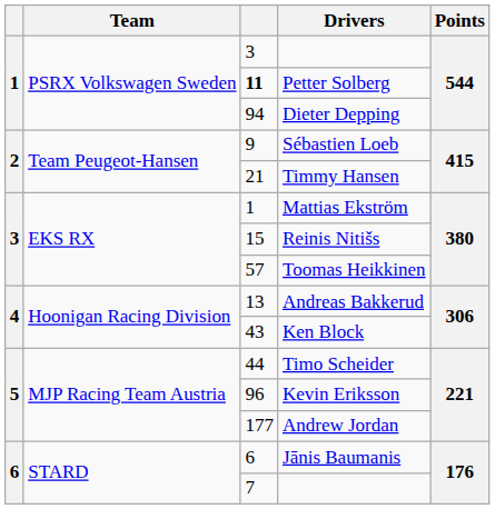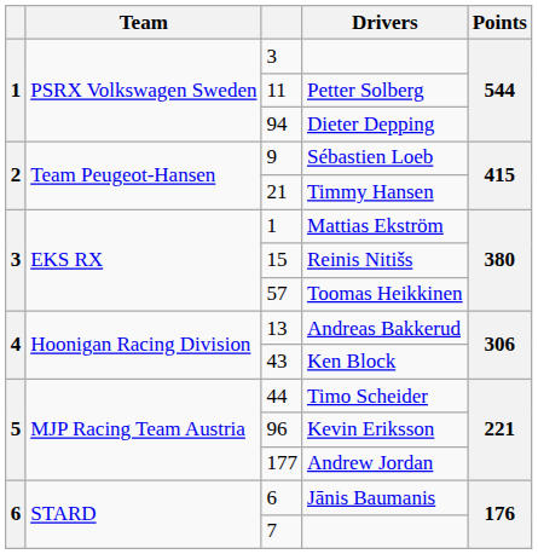 <table class="wikitable" style="font-size: 85%">
 <tr valign="top">
 <th valign="middle"></th>
 <th valign="middle">Team</th>
 <th valign="middle"></th>
 <th valign="middle">Drivers</th>
 <th valign="middle">Points</th>
 </tr>
 <tr>
 <th rowspan=3>1</th>
 <td rowspan=3> <a href='#'>PSRX Volkswagen Sweden</a></td>
 <td>3</td>
 <td style="padding-right:24px"></td>
 <th rowspan=3>544</th>
 </tr>
 <tr>
-<td><strong>11</strong></td>
+<td>11</td>
 <td> <a href='#'>Petter Solberg</a></td>
 </tr>
 <tr>
 <td>94</td>
 <td> <a href='#'>Dieter Depping</a></td>
 </tr>
 <tr>
 <th rowspan=2>2</th>
 <td rowspan=2> <a href='#'>Team Peugeot-Hansen</a></td>
 <td>9</td>
 <td> <a href='#'>Sébastien Loeb</a></td>
 <th rowspan=2>415</th>
 </tr>
 <tr>
 <td>21</td>
 <td> <a href='#'>Timmy Hansen</a></td>
 </tr>
 <tr>
 <th rowspan=3>3</th>
 <td rowspan=3> <a href='#'>EKS RX</a></td>
 <td>1</td>
 <td> <a href='#'>Mattias Ekström</a></td>
 <th rowspan=3>380</th>
 </tr>
 <tr>
 <td>15</td>
 <td> <a href='#'>Reinis Nitišs</a></td>
 </tr>
 <tr>
 <td>57</td>
 <td> <a href='#'>Toomas Heikkinen</a></td>
 </tr>
 <tr>
 <th rowspan=2>4</th>
 <td rowspan=2> <a href='#'>Hoonigan Racing Division</a></td>
 <td>13</td>
 <td> <a href='#'>Andreas Bakkerud</a></td>
 <th rowspan=2>306</th>
 </tr>
 <tr>
 <td>43</td>
 <td> <a href='#'>Ken Block</a></td>
 </tr>
 <tr>
 <th rowspan=3>5</th>
 <td rowspan=3> <a href='#'>MJP Racing Team Austria</a></td>
 <td>44</td>
 <td> <a href='#'>Timo Scheider</a></td>
 <th rowspan=3>221</th>
 </tr>
 <tr>
 <td>96</td>
 <td> <a href='#'>Kevin Eriksson</a></td>
 </tr>
 <tr>
 <td>177</td>
 <td> <a href='#'>Andrew Jordan</a></td>
 </tr>
 <tr>
 <th rowspan=2>6</th>
 <td rowspan=2> <a href='#'>STARD</a></td>
 <td>6</td>
 <td> <a href='#'>Jānis Baumanis</a></td>
 <th rowspan=2>176</th>
 </tr>
 <tr>
 <td>7</td>
 <td></td>
 </tr>
 </table>
